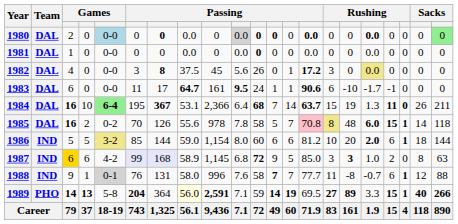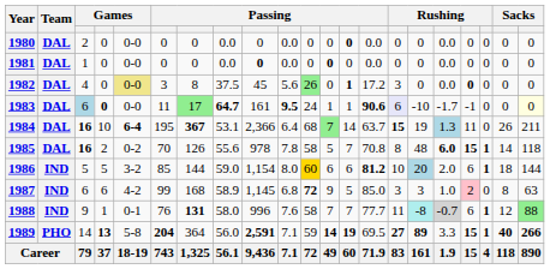 <table class="wikitable" style="text-align:center;">
 <tr>
 <th rowspan="2">Year</th>
 <th rowspan="2">Team</th>
 <th colspan="3">Games</th>
 <th colspan="9">Passing</th>
 <th colspan="5">Rushing</th>
 <th colspan="2">Sacks</th>
 </tr>
 <tr>
 <th></th>
 <th></th>
 <th></th>
 <th></th>
 <th></th>
 <th></th>
 <th></th>
 <th></th>
 <th></th>
 <th></th>
 <th></th>
 <th></th>
 <th></th>
 <th></th>
 <th></th>
 <th></th>
 <th></th>
 <th></th>
 <th></th>
 </tr>
 <tr>
 <th><a href='#'>1980</a></th>
 <th><a href='#'>DAL</a></th>
 <td>2</td>
 <td>0</td>
-<td style="background: lightblue;">0-0</td>
+<td>0-0</td>
+<td>0</td>
+<td>0</td>
+<td>0.0</td>
+<td>0</td>
+<td>0.0</td>
+<td>0</td>
 <td>0</td>
 <td><strong>0</strong></td>
 <td>0.0</td>
 <td>0</td>
-<td style="background: lightgrey;">0.0</td>
-<td><strong>0</strong></td>
-<td><strong>0</strong></td>
 <td>0</td>
-<td><strong>0.0</strong></td>
-<td>0</td>
-<td>0</td>
-<td><strong>0.0</strong></td>
+<td>0.0</td>
 <td>0</td>
 <td>0</td>
 <td>0</td>
-<td style="background: lightgreen;">0</td>
+<td>0</td>
 </tr>
 <tr>
 <th><a href='#'>1981</a></th>
 <th><a href='#'>DAL</a></th>
 <td>1</td>
 <td>0</td>
 <td>0-0</td>
 <td>0</td>
 <td>0</td>
 <td>0.0</td>
+<td><strong>0</strong></td>
+<td>0.0</td>
 <td>0</td>
-<td>0.0</td>
 <td><strong>0</strong></td>
-<td>0</td>
 <td>0</td>
 <td>0.0</td>
 <td>0</td>
 <td>0</td>
 <td>0.0</td>
 <td>0</td>
 <td>0</td>
 <td>0</td>
 <td>0</td>
 </tr>
 <tr>
 <th><a href='#'>1982</a></th>
 <th><a href='#'>DAL</a></th>
 <td>4</td>
 <td>0</td>
-<td>0-0</td>
+<td style="background: khaki;">0-0</td>
 <td>3</td>
-<td><strong>8</strong></td>
+<td>8</td>
 <td>37.5</td>
 <td>45</td>
 <td>5.6</td>
-<td>26</td>
+<td style="background: lightgreen;">26</td>
 <td>0</td>
-<td>1</td>
-<td><strong>17.2</strong></td>
+<td><strong>1</strong></td>
+<td>17.2</td>
 <td>3</td>
 <td>0</td>
-<td style="background: khaki;">0.0</td>
-<td>0</td>
+<td>0.0</td>
+<td><strong>0</strong></td>
 <td>0</td>
 <td>0</td>
 <td>0</td>
 </tr>
 <tr>
 <th><a href='#'>1983</a></th>
 <th><a href='#'>DAL</a></th>
-<td>6</td>
-<td>0</td>
+<td style="background: lightblue;">6</td>
+<td><strong>0</strong></td>
 <td>0-0</td>
 <td>11</td>
-<td>17</td>
+<td style="background: lightgreen;">17</td>
 <td><strong>64.7</strong></td>
 <td>161</td>
 <td><strong>9.5</strong></td>
 <td>24</td>
 <td>1</td>
 <td>1</td>
 <td><strong>90.6</strong></td>
-<td>6</td>
+<td style="background: lavender;">6</td>
 <td>-10</td>
 <td>-1.7</td>
 <td>-1</td>
 <td>0</td>
 <td>0</td>
-<td>0</td>
+<td style="background: lightyellow;">0</td>
 </tr>
 <tr>
 <th><a href='#'>1984</a></th>
 <th><a href='#'>DAL</a></th>
 <td><strong>16</strong></td>
 <td>10</td>
-<td style="background: lightgreen;"><strong>6-4</strong></td>
+<td><strong>6-4</strong></td>
 <td>195</td>
 <td><strong>367</strong></td>
 <td>53.1</td>
 <td>2,366</td>
 <td>6.4</td>
-<td><strong>68</strong></td>
-<td>7</td>
+<td>68</td>
+<td style="background: lightgreen;">7</td>
 <td>14</td>
-<td><strong>63.7</strong></td>
-<td>15</td>
+<td>63.7</td>
+<td><strong>15</strong></td>
 <td>19</td>
-<td>1.3</td>
-<td><strong>11</strong></td>
-<td><strong>0</strong></td>
+<td style="background: lightblue;">1.3</td>
+<td>11</td>
+<td>0</td>
 <td>26</td>
 <td>211</td>
 </tr>
 <tr>
 <th><a href='#'>1985</a></th>
 <th><a href='#'>DAL</a></th>
 <td><strong>16</strong></td>
 <td>2</td>
 <td>0-2</td>
 <td>70</td>
 <td>126</td>
 <td>55.6</td>
 <td>978</td>
 <td>7.8</td>
 <td>58</td>
 <td>5</td>
 <td>7</td>
-<td style="background: pink;">70.8</td>
-<td style="background: khaki;">8</td>
+<td>70.8</td>
+<td>8</td>
 <td>48</td>
 <td><strong>6.0</strong></td>
 <td><strong>15</strong></td>
 <td><strong>1</strong></td>
 <td>14</td>
 <td>118</td>
 </tr>
 <tr>
 <th><a href='#'>1986</a></th>
 <th><a href='#'>IND</a></th>
 <td>5</td>
 <td>5</td>
-<td style="background: khaki;">3-2</td>
+<td>3-2</td>
 <td>85</td>
 <td>144</td>
 <td>59.0</td>
 <td>1,154</td>
 <td>8.0</td>
-<td>60</td>
+<td style="background: gold;">60</td>
 <td>6</td>
 <td>6</td>
-<td>81.2</td>
+<td><strong>81.2</strong></td>
 <td>10</td>
-<td>20</td>
-<td><strong>2.0</strong></td>
+<td style="background: lightblue;">20</td>
+<td>2.0</td>
 <td>6</td>
 <td><strong>1</strong></td>
 <td>18</td>
 <td>144</td>
 </tr>
 <tr>
 <th><a href='#'>1987</a></th>
 <th><a href='#'>IND</a></th>
-<td style="background: gold;">6</td>
+<td>6</td>
 <td>6</td>
 <td>4-2</td>
-<td style="background: lavender;">99</td>
-<td style="background: lavender;">168</td>
+<td>99</td>
+<td>168</td>
 <td>58.9</td>
 <td>1,145</td>
 <td>6.8</td>
 <td><strong>72</strong></td>
 <td>9</td>
 <td>5</td>
 <td>85.0</td>
 <td>3</td>
-<td><strong>3</strong></td>
+<td>3</td>
 <td>1.0</td>
-<td>2</td>
+<td style="background: pink;">2</td>
 <td>0</td>
 <td>8</td>
 <td>63</td>
 </tr>
 <tr>
 <th><a href='#'>1988</a></th>
 <th><a href='#'>IND</a></th>
 <td>9</td>
 <td>1</td>
-<td style="background: lightgrey;">0-1</td>
+<td>0-1</td>
 <td>76</td>
-<td>131</td>
+<td><strong>131</strong></td>
 <td>58.0</td>
 <td>996</td>
 <td>7.6</td>
 <td>58</td>
-<td><strong>7</strong></td>
+<td>7</td>
 <td>7</td>
 <td>77.7</td>
 <td>11</td>
-<td>-8</td>
-<td>-0.7</td>
+<td style="background: paleturquoise;">-8</td>
+<td style="background: lightgrey;">-0.7</td>
 <td>6</td>
 <td><strong>1</strong></td>
 <td>12</td>
-<td>88</td>
+<td style="background: lightgreen;">88</td>
 </tr>
 <tr>
 <th><a href='#'>1989</a></th>
 <th><a href='#'>PHO</a></th>
-<td><strong>14</strong></td>
+<td>14</td>
 <td><strong>13</strong></td>
 <td>5-8</td>
 <td><strong>204</strong></td>
 <td>364</td>
-<td style="background: lightyellow;">56.0</td>
+<td>56.0</td>
 <td><strong>2,591</strong></td>
 <td>7.1</td>
 <td>59</td>
 <td><strong>14</strong></td>
 <td><strong>19</strong></td>
 <td>69.5</td>
 <td><strong>27</strong></td>
 <td><strong>89</strong></td>
 <td>3.3</td>
 <td><strong>15</strong></td>
 <td><strong>1</strong></td>
 <td><strong>40</strong></td>
 <td><strong>266</strong></td>
 </tr>
 <tr>
 <th colspan="2">Career</th>
 <th>79</th>
 <th>37</th>
 <th>18-19</th>
 <th>743</th>
 <th>1,325</th>
 <th>56.1</th>
 <th>9,436</th>
 <th>7.1</th>
 <th>72</th>
 <th>49</th>
 <th>60</th>
 <th>71.9</th>
 <th>83</th>
 <th>161</th>
 <th>1.9</th>
 <th>15</th>
 <th>4</th>
 <th>118</th>
 <th>890</th>
 </tr>
 </table>
